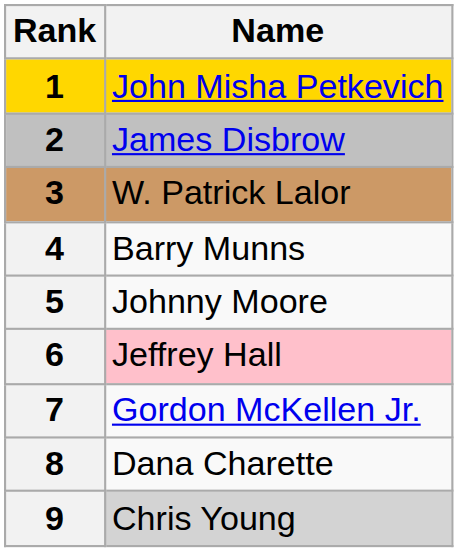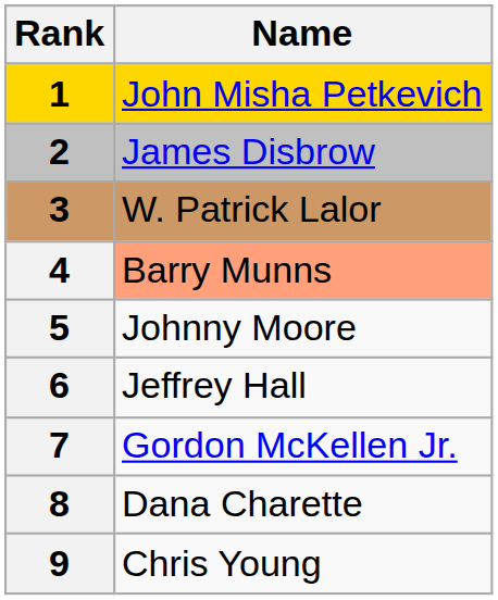 <table class="wikitable">
 <tr>
 <th>Rank</th>
 <th>Name</th>
 </tr>
 <tr bgcolor="gold">
 <td align="center"><strong>1</strong></td>
 <td><a href='#'>John Misha Petkevich</a></td>
 </tr>
 <tr bgcolor="silver">
 <td align="center"><strong>2</strong></td>
 <td><a href='#'>James Disbrow</a></td>
 </tr>
 <tr bgcolor="cc9966">
 <td align="center"><strong>3</strong></td>
 <td>W. Patrick Lalor</td>
 </tr>
 <tr>
 <th>4</th>
-<td>Barry Munns</td>
+<td style="background: lightsalmon;">Barry Munns</td>
 </tr>
 <tr>
 <th>5</th>
 <td>Johnny Moore</td>
 </tr>
 <tr>
 <th>6</th>
-<td style="background: pink;">Jeffrey Hall</td>
+<td>Jeffrey Hall</td>
 </tr>
 <tr>
 <th>7</th>
 <td><a href='#'>Gordon McKellen Jr.</a></td>
 </tr>
 <tr>
 <th>8</th>
 <td>Dana Charette</td>
 </tr>
 <tr>
 <th>9</th>
-<td style="background: lightgrey;">Chris Young</td>
+<td>Chris Young</td>
 </tr>
 </table>
